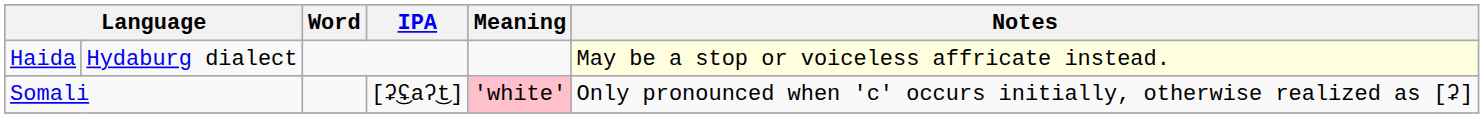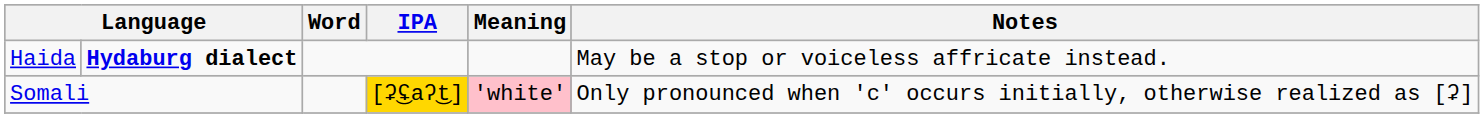 <table class="wikitable">
 <tr>
 <th colspan=2>Language</th>
 <th>Word</th>
 <th><a href='#'>IPA</a></th>
 <th>Meaning</th>
 <th>Notes</th>
 </tr>
 <tr>
 <td><a href='#'>Haida</a></td>
-<td><a href='#'>Hydaburg</a> dialect</td>
+<td><strong><a href='#'>Hydaburg</a> dialect</strong></td>
 <td colspan=2 align=center></td>
 <td></td>
-<td style="background: lightyellow;">May be a stop  or voiceless affricate  instead.</td>
+<td>May be a stop  or voiceless affricate  instead.</td>
 </tr>
 <tr>
 <td colspan="2"><a href='#'>Somali</a></td>
 <td></td>
-<td>[ʡ͜ʢaʔ͜t]</td>
+<td style="background: gold;">[ʡ͜ʢaʔ͜t]</td>
 <td style="background: pink;">'white'</td>
 <td>Only pronounced  when 'c' occurs initially, otherwise realized as [ʡ]</td>
 </tr>
 </table>
